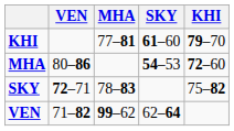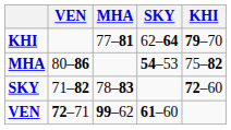 <table class="wikitable">
 <tr>
 <th></th>
 <th> <a href='#'>VEN</a></th>
 <th> <a href='#'>MHA</a></th>
 <th> <a href='#'>SKY</a></th>
 <th> <a href='#'>KHI</a></th>
 </tr>
 <tr>
 <td> <a href='#'><strong>KHI</strong></a></td>
 <td></td>
 <td>77–<strong>81</strong></td>
-<td><strong>61</strong>–60</td>
+<td>62–<strong>64</strong></td>
 <td><strong>79</strong>–70</td>
 </tr>
 <tr>
 <td> <a href='#'><strong>MHA</strong></a></td>
 <td>80–<strong>86</strong></td>
 <td></td>
 <td><strong>54</strong>–53</td>
+<td>75–<strong>82</strong></td>
+</tr>
+<tr>
+<td> <a href='#'><strong>SKY</strong></a></td>
+<td>71–<strong>82</strong></td>
+<td>78–<strong>83</strong></td>
+<td></td>
 <td><strong>72</strong>–60</td>
 </tr>
 <tr>
-<td> <a href='#'><strong>SKY</strong></a></td>
+<td> <a href='#'><strong>VEN</strong></a></td>
 <td><strong>72</strong>–71</td>
-<td>78–<strong>83</strong></td>
-<td></td>
-<td>75–<strong>82</strong></td>
-</tr>
-<tr>
-<td> <a href='#'><strong>VEN</strong></a></td>
-<td>71–<strong>82</strong></td>
 <td><strong>99</strong>–62</td>
-<td>62–<strong>64</strong></td>
+<td><strong>61</strong>–60</td>
 <td></td>
 </tr>
 </table>
